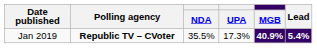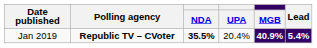 <table class="wikitable sortable" style="text-align:center;font-size:95%;line-height:16px">
 <tr>
 <th rowspan="2" width="100px">Date published</th>
 <th rowspan="2" width="175px">Polling agency</th>
 <th style="color:inherit;background:"></th>
 <th style="color:inherit;background:"></th>
 <th style="color:inherit;background:#330066"></th>
 <th rowspan="2">Lead</th>
 </tr>
 <tr>
 <th width="50px" class="unsortable"><a href='#'>NDA</a></th>
 <th width="50px" class="unsortable"><a href='#'>UPA</a></th>
 <th><a href='#'>MGB</a></th>
 </tr>
 <tr>
 <td>Jan 2019</td>
 <td><strong>Republic TV – CVoter</strong></td>
-<td>35.5%</td>
-<td>17.3%</td>
+<td><strong>35.5%</strong></td>
+<td>20.4%</td>
 <td style="background:#330066; color:white"><strong>40.9%</strong></td>
 <td style="background:#330066; color:white"><strong>5.4%</strong></td>
 </tr>
 </table>
